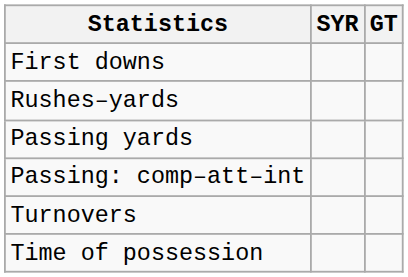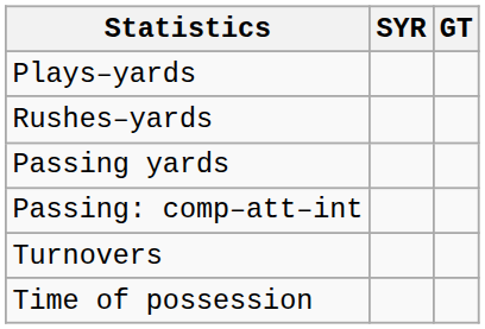 <table class="wikitable" style="float:left">
 <tr>
 <th>Statistics</th>
 <th>SYR</th>
 <th>GT</th>
 </tr>
 <tr>
-<td>First downs</td>
+<td>Plays–yards</td>
 <td></td>
 <td></td>
 </tr>
 <tr>
 <td>Rushes–yards</td>
 <td></td>
 <td></td>
 </tr>
 <tr>
 <td>Passing yards</td>
 <td></td>
 <td></td>
 </tr>
 <tr>
 <td>Passing: comp–att–int</td>
 <td></td>
 <td></td>
 </tr>
 <tr>
 <td>Turnovers</td>
 <td></td>
 <td></td>
 </tr>
 <tr>
 <td>Time of possession</td>
 <td></td>
 <td></td>
 </tr>
 </table>
